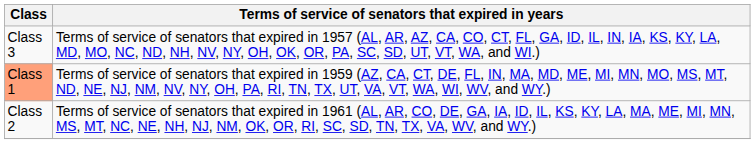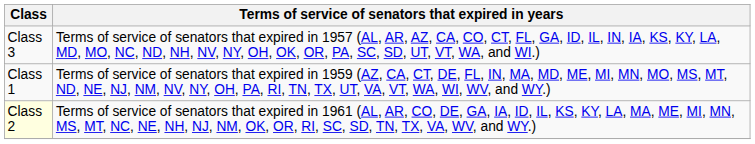 <table class="wikitable sortable">
 <tr valign=bottom>
 <th>Class</th>
 <th>Terms of service of senators that expired in years</th>
 </tr>
 <tr>
 <td>Class 3</td>
 <td>Terms of service of senators that expired in 1957 (<a href='#'>AL</a>, <a href='#'>AR</a>, <a href='#'>AZ</a>, <a href='#'>CA</a>, <a href='#'>CO</a>, <a href='#'>CT</a>, <a href='#'>FL</a>, <a href='#'>GA</a>, <a href='#'>ID</a>, <a href='#'>IL</a>, <a href='#'>IN</a>, <a href='#'>IA</a>, <a href='#'>KS</a>, <a href='#'>KY</a>, <a href='#'>LA</a>, <a href='#'>MD</a>, <a href='#'>MO</a>, <a href='#'>NC</a>, <a href='#'>ND</a>, <a href='#'>NH</a>, <a href='#'>NV</a>, <a href='#'>NY</a>, <a href='#'>OH</a>, <a href='#'>OK</a>, <a href='#'>OR</a>, <a href='#'>PA</a>, <a href='#'>SC</a>, <a href='#'>SD</a>, <a href='#'>UT</a>, <a href='#'>VT</a>, <a href='#'>WA</a>, and <a href='#'>WI</a>.)</td>
 </tr>
 <tr>
-<td style="background: lightsalmon;">Class 1</td>
+<td>Class 1</td>
 <td>Terms of service of senators that expired in 1959 (<a href='#'>AZ</a>, <a href='#'>CA</a>, <a href='#'>CT</a>, <a href='#'>DE</a>, <a href='#'>FL</a>, <a href='#'>IN</a>, <a href='#'>MA</a>, <a href='#'>MD</a>, <a href='#'>ME</a>,  <a href='#'>MI</a>, <a href='#'>MN</a>, <a href='#'>MO</a>, <a href='#'>MS</a>, <a href='#'>MT</a>, <a href='#'>ND</a>, <a href='#'>NE</a>, <a href='#'>NJ</a>, <a href='#'>NM</a>, <a href='#'>NV</a>, <a href='#'>NY</a>, <a href='#'>OH</a>, <a href='#'>PA</a>, <a href='#'>RI</a>, <a href='#'>TN</a>, <a href='#'>TX</a>, <a href='#'>UT</a>, <a href='#'>VA</a>, <a href='#'>VT</a>, <a href='#'>WA</a>, <a href='#'>WI</a>, <a href='#'>WV</a>, and <a href='#'>WY</a>.)</td>
 </tr>
 <tr>
-<td>Class 2</td>
+<td style="background: lightyellow;">Class 2</td>
 <td>Terms of service of senators that expired in 1961 (<a href='#'>AL</a>, <a href='#'>AR</a>, <a href='#'>CO</a>, <a href='#'>DE</a>, <a href='#'>GA</a>, <a href='#'>IA</a>, <a href='#'>ID</a>, <a href='#'>IL</a>, <a href='#'>KS</a>, <a href='#'>KY</a>, <a href='#'>LA</a>, <a href='#'>MA</a>, <a href='#'>ME</a>, <a href='#'>MI</a>, <a href='#'>MN</a>, <a href='#'>MS</a>, <a href='#'>MT</a>, <a href='#'>NC</a>, <a href='#'>NE</a>, <a href='#'>NH</a>, <a href='#'>NJ</a>, <a href='#'>NM</a>, <a href='#'>OK</a>, <a href='#'>OR</a>, <a href='#'>RI</a>, <a href='#'>SC</a>, <a href='#'>SD</a>, <a href='#'>TN</a>, <a href='#'>TX</a>, <a href='#'>VA</a>, <a href='#'>WV</a>, and <a href='#'>WY</a>.)</td>
 </tr>
 <tr>
 </tr>
 </table>
